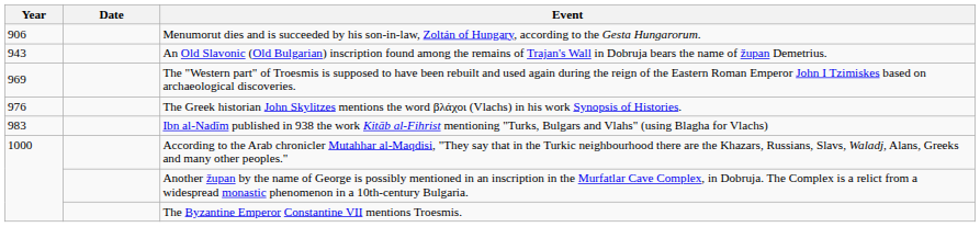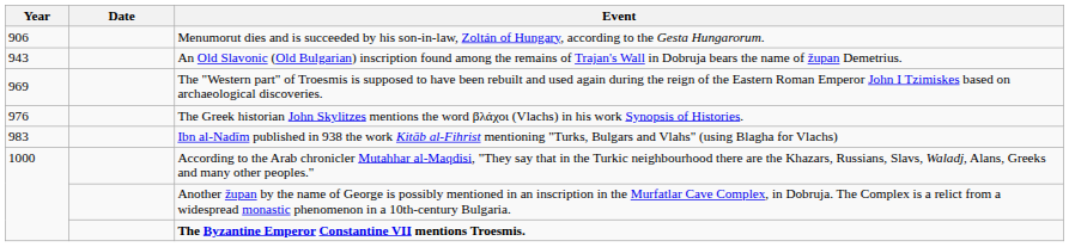 <table class="wikitable" width="100%">
 <tr>
 <th style="width:6%">Year</th>
 <th style="width:10%">Date</th>
 <th>Event</th>
 </tr>
 <tr>
 <td>906</td>
 <td></td>
 <td>Menumorut dies and is succeeded by his son-in-law, <a href='#'>Zoltán of Hungary</a>, according to the <em>Gesta Hungarorum</em>.</td>
 </tr>
 <tr>
 <td>943</td>
 <td></td>
 <td>An <a href='#'>Old Slavonic</a> (<a href='#'>Old Bulgarian</a>) inscription found among the remains of <a href='#'>Trajan's Wall</a> in Dobruja bears the name of <a href='#'>župan</a> Demetrius.</td>
 </tr>
 <tr>
 <td>969</td>
 <td></td>
 <td>The "Western part" of Troesmis is supposed to have been rebuilt and used again during the reign of the Eastern Roman Emperor <a href='#'>John I Tzimiskes</a> based on archaeological discoveries.</td>
 </tr>
 <tr>
 <td>976</td>
 <td></td>
 <td>The Greek historian <a href='#'>John Skylitzes</a> mentions the word βλάχοι (Vlachs) in his work <a href='#'>Synopsis of Histories</a>.</td>
 </tr>
 <tr>
 <td>983</td>
 <td></td>
 <td><a href='#'>Ibn al-Nadīm</a> published in 938 the work <em><a href='#'>Kitāb al-Fihrist</a></em> mentioning "Turks, Bulgars and Vlahs" (using Blagha for Vlachs)</td>
 </tr>
 <tr>
 <td rowspan="3" valign="top">1000</td>
 <td></td>
 <td>According to the Arab chronicler <a href='#'>Mutahhar al-Maqdisi</a>, "They say that in the Turkic neighbourhood there are the Khazars, Russians, Slavs, <em>Waladj</em>, Alans, Greeks and many other peoples."</td>
 </tr>
 <tr>
 <td></td>
 <td>Another <a href='#'>župan</a> by the name of George is possibly mentioned in an inscription in the <a href='#'>Murfatlar Cave Complex</a>, in Dobruja. The Complex is a relict from a widespread <a href='#'>monastic</a> phenomenon in a 10th-century Bulgaria.</td>
 </tr>
 <tr>
 <td></td>
-<td>The <a href='#'>Byzantine Emperor</a> <a href='#'>Constantine VII</a> mentions Troesmis.</td>
+<td><strong>The <a href='#'>Byzantine Emperor</a> <a href='#'>Constantine VII</a> mentions Troesmis.</strong></td>
 </tr>
 </table>
